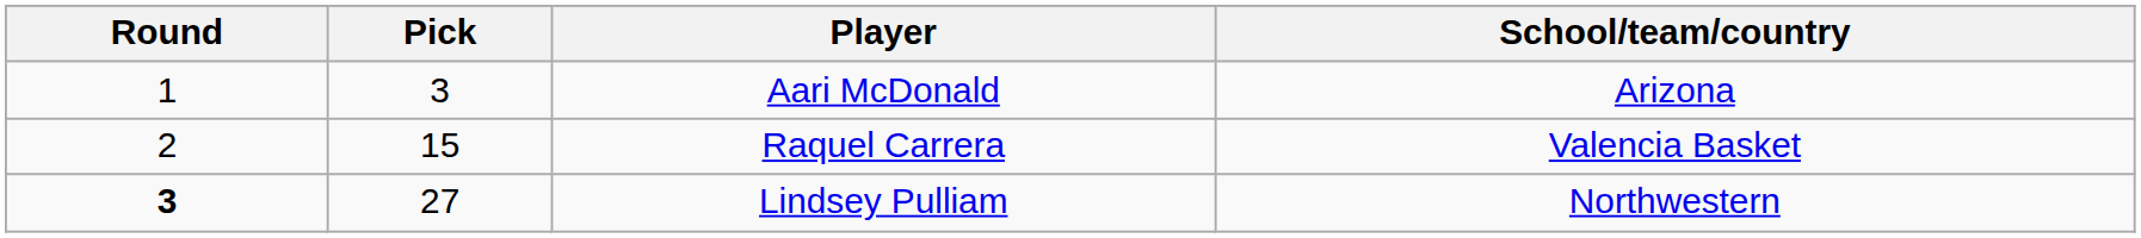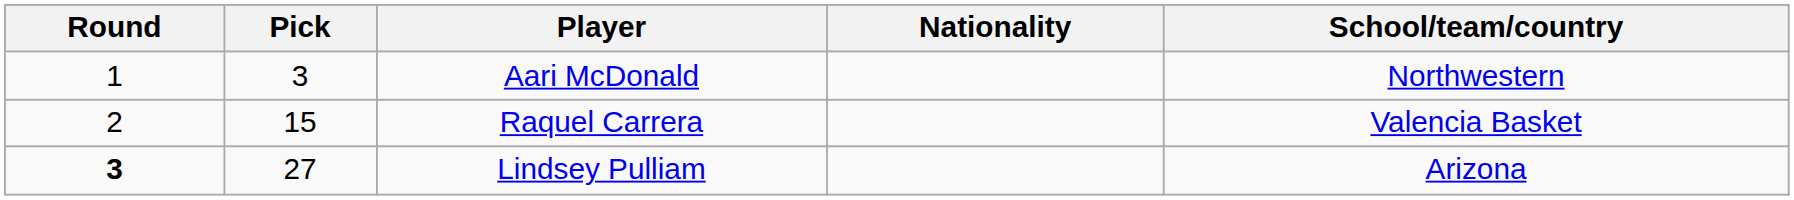 <table class="wikitable" style="text-align:center; width:60em">
 <tr>
 <th>Round</th>
 <th>Pick</th>
 <th>Player</th>
+<th>Nationality</th>
 <th>School/team/country</th>
 </tr>
 <tr>
 <td>1</td>
 <td>3</td>
 <td><a href='#'>Aari McDonald</a></td>
-<td><a href='#'>Arizona</a></td>
+<td></td>
+<td><a href='#'>Northwestern</a></td>
 </tr>
 <tr>
 <td>2</td>
 <td>15</td>
 <td><a href='#'>Raquel Carrera</a></td>
+<td></td>
 <td><a href='#'>Valencia Basket</a> </td>
 </tr>
 <tr>
 <td><strong>3</strong></td>
 <td>27</td>
 <td><a href='#'>Lindsey Pulliam</a></td>
-<td><a href='#'>Northwestern</a></td>
+<td></td>
+<td><a href='#'>Arizona</a></td>
 </tr>
 </table>
